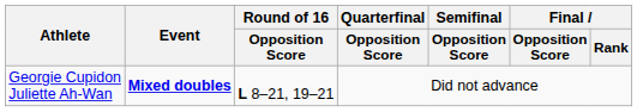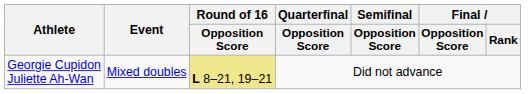 <table class=wikitable style="font-size:90%">
 <tr>
 <th rowspan="2">Athlete</th>
 <th rowspan="2">Event</th>
 <th>Round of 16</th>
 <th>Quarterfinal</th>
 <th>Semifinal</th>
 <th colspan=2>Final / </th>
 </tr>
 <tr style="font-size:95%">
 <th>Opposition<br>Score</th>
 <th>Opposition<br>Score</th>
 <th>Opposition<br>Score</th>
 <th>Opposition<br>Score</th>
 <th>Rank</th>
 </tr>
 <tr align=center>
 <td align=left><a href='#'>Georgie Cupidon</a><br><a href='#'>Juliette Ah-Wan</a></td>
-<td align=left><strong><a href='#'>Mixed doubles</a></strong></td>
-<td><br><strong>L</strong> 8–21, 19–21</td>
+<td align=left><a href='#'>Mixed doubles</a></td>
+<td style="background: khaki;"><br><strong>L</strong> 8–21, 19–21</td>
 <td colspan=4>Did not advance</td>
 </tr>
 </table>
